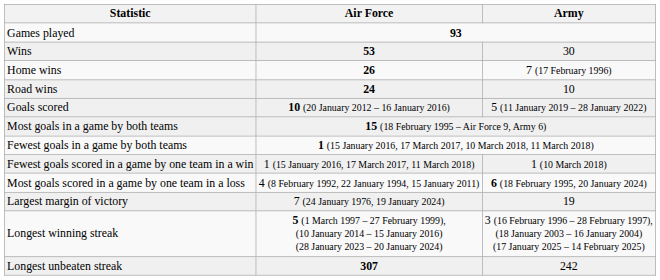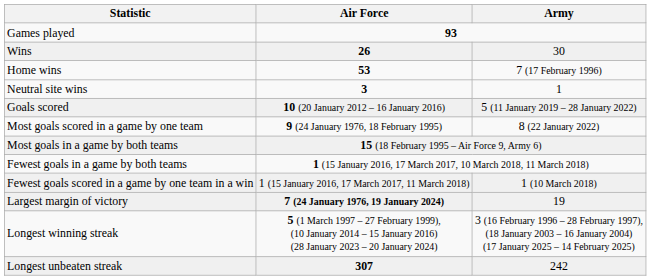 <table class="wikitable">
 <tr>
 <th>Statistic</th>
 <th>Air Force</th>
 <th>Army</th>
 </tr>
 <tr>
 <td>Games played</td>
 <td align=center colspan=2><strong>93</strong></td>
 </tr>
 <tr bgcolor=f0f0f0>
 <td>Wins</td>
-<td align=center><strong>53</strong></td>
+<td align=center><strong>26</strong></td>
 <td align=center>30</td>
 </tr>
 <tr>
 <td>Home wins</td>
-<td align=center><strong>26</strong></td>
+<td align=center><strong>53</strong></td>
 <td align=center>7 <small>(17 February 1996)</small></td>
 </tr>
-<tr bgcolor=f0f0f0>
-<td>Road wins</td>
-<td align=center><strong>24</strong></td>
-<td align=center>10</td>
+<tr>
+<td>Neutral site wins</td>
+<td align=center><strong>3</strong></td>
+<td align=center>1</td>
 </tr>
 <tr bgcolor=f0f0f0>
 <td>Goals scored</td>
 <td align=center><strong>10</strong> <small>(20 January 2012 – 16 January 2016)</small></td>
 <td align=center>5 <small>(11 January 2019 – 28 January 2022)</small></td>
+</tr>
+<tr>
+<td>Most goals scored in a game by one team</td>
+<td align=center><strong>9</strong> <small>(24 January 1976, 18 February 1995)</small></td>
+<td align=center>8 <small>(22 January 2022)</small></td>
 </tr>
 <tr bgcolor=f0f0f0>
 <td>Most goals in a game by both teams</td>
 <td align=center colspan=2><strong>15</strong> <small>(18 February 1995 – Air Force 9, Army 6)</small></td>
 </tr>
 <tr>
 <td>Fewest goals in a game by both teams</td>
 <td align=center colspan=2><strong>1</strong> <small>(15 January 2016, 17 March 2017, 10 March 2018, 11 March 2018)</small></td>
 </tr>
 <tr bgcolor=f0f0f0>
 <td>Fewest goals scored in a game by one team in a win</td>
 <td align=center>1 <small>(15 January 2016, 17 March 2017, 11 March 2018)</small></td>
 <td align=center>1 <small>(10 March 2018)</small></td>
 </tr>
-<tr>
-<td>Most goals scored in a game by one team in a loss</td>
-<td align=center>4 <small>(8 February 1992, 22 January 1994, 15 January 2011)</small></td>
-<td align=center><strong>6</strong> <small>(18 February 1995, 20 January 2024)</small></td>
-</tr>
 <tr bgcolor=f0f0f0>
 <td>Largest margin of victory</td>
-<td align=center>7 <small>(24 January 1976, 19 January 2024)</small></td>
+<td align=center><strong>7 <small>(24 January 1976, 19 January 2024)</small></strong></td>
 <td align=center>19</td>
 </tr>
 <tr>
 <td>Longest winning streak</td>
 <td align=center><strong>5</strong> <small>(1 March 1997 – 27 February 1999),</small><br><small>(10 January 2014 – 15 January 2016)</small><br><small>(28 January 2023 – 20 January 2024)</small></td>
 <td align=center>3 <small>(16 February 1996 – 28 February 1997),</small><br><small>(18 January 2003 – 16 January 2004)</small><br><small>(17 January 2025 – 14 February 2025)</small></td>
 </tr>
 <tr bgcolor=f0f0f0>
 <td>Longest unbeaten streak</td>
 <td align=center><strong>307</strong></td>
 <td align=center>242</td>
 </tr>
 </table>
